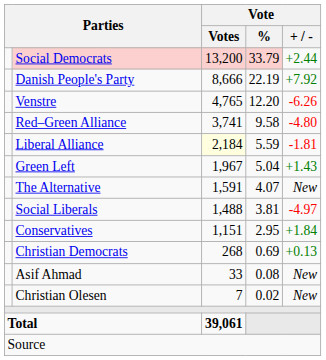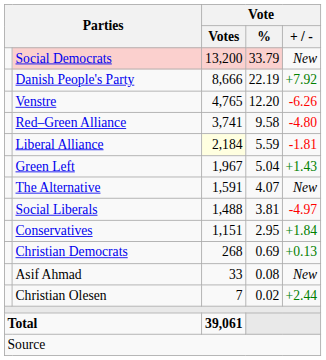 <table class="wikitable" style="text-align:right;">
 <tr>
 <th style="text-align:centre;" rowspan="2" colspan="2" width="225">Parties</th>
 <th colspan="3">Vote</th>
 </tr>
 <tr>
 <th width="15">Votes</th>
 <th width="15">%</th>
 <th width="15">+ / -</th>
 </tr>
 <tr>
 <td width="2" style="color:inherit;background:"></td>
 <td bgcolor=#fbd0ce  align="left"><a href='#'>Social Democrats</a></td>
 <td bgcolor=#fbd0ce>13,200</td>
 <td bgcolor=#fbd0ce>33.79</td>
-<td style=color:green;>+2.44</td>
+<td><em>New</em></td>
 </tr>
 <tr>
 <td width="2" style="color:inherit;background:"></td>
 <td align="left"><a href='#'>Danish People's Party</a></td>
 <td>8,666</td>
 <td>22.19</td>
 <td style=color:green;>+7.92</td>
 </tr>
 <tr>
 <td width="2" style="color:inherit;background:"></td>
 <td align="left"><a href='#'>Venstre</a></td>
 <td>4,765</td>
 <td>12.20</td>
 <td style=color:red;>-6.26</td>
 </tr>
 <tr>
 <td width="2" style="color:inherit;background:"></td>
 <td align="left"><a href='#'>Red–Green Alliance</a></td>
 <td>3,741</td>
 <td>9.58</td>
 <td style=color:red;>-4.80</td>
 </tr>
 <tr>
 <td width="2" style="color:inherit;background:"></td>
 <td align="left"><a href='#'>Liberal Alliance</a></td>
 <td style="background: lightyellow;">2,184</td>
 <td>5.59</td>
 <td style=color:red;>-1.81</td>
 </tr>
 <tr>
 <td width="2" style="color:inherit;background:"></td>
 <td align="left"><a href='#'>Green Left</a></td>
 <td>1,967</td>
 <td>5.04</td>
 <td style=color:green;>+1.43</td>
 </tr>
 <tr>
 <td width="2" style="color:inherit;background:"></td>
 <td align="left"><a href='#'>The Alternative</a></td>
 <td>1,591</td>
 <td>4.07</td>
 <td><em>New</em></td>
 </tr>
 <tr>
 <td width="2" style="color:inherit;background:"></td>
 <td align="left"><a href='#'>Social Liberals</a></td>
 <td>1,488</td>
 <td>3.81</td>
 <td style=color:red;>-4.97</td>
 </tr>
 <tr>
 <td width="2" style="color:inherit;background:"></td>
 <td align="left"><a href='#'>Conservatives</a></td>
 <td>1,151</td>
 <td>2.95</td>
 <td style=color:green;>+1.84</td>
 </tr>
 <tr>
 <td width="2" style="color:inherit;background:"></td>
 <td align="left"><a href='#'>Christian Democrats</a></td>
 <td>268</td>
 <td>0.69</td>
 <td style=color:green;>+0.13</td>
 </tr>
 <tr>
 <td width="2" style="color:inherit;background:"></td>
 <td align="left">Asif Ahmad</td>
 <td>33</td>
 <td>0.08</td>
 <td><em>New</em></td>
 </tr>
 <tr>
 <td width="2" style="color:inherit;background:"></td>
 <td align="left">Christian Olesen</td>
 <td>7</td>
 <td>0.02</td>
-<td><em>New</em></td>
+<td style=color:green;>+2.44</td>
 </tr>
 <tr>
 <td colspan="7" bgcolor="#E9E9E9"></td>
 </tr>
 <tr>
 <td align="left" colspan="2"><strong>Total</strong></td>
 <td><strong>39,061</strong></td>
 <td bgcolor="#E9E9E9" colspan="2"></td>
 </tr>
 <tr>
 <td align="left" colspan="6">Source</td>
 </tr>
 </table>
